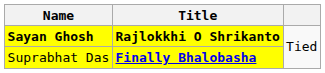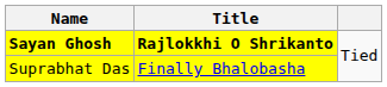 <table class="wikitable">
 <tr>
 <th>Name</th>
 <th>Title</th>
 <th></th>
 </tr>
 <tr>
 <td style="background:#FFFF00"><strong>Sayan Ghosh</strong></td>
 <td style="background:#FFFF00"><strong>Rajlokkhi O Shrikanto</strong></td>
 <td rowspan="2">Tied</td>
 </tr>
 <tr>
 <td style="background:#FFFF00">Suprabhat Das</td>
-<td style="background:#FFFF00"><strong><a href='#'>Finally Bhalobasha</a></strong></td>
+<td style="background:#FFFF00"><a href='#'>Finally Bhalobasha</a></td>
 </tr>
 </table>
